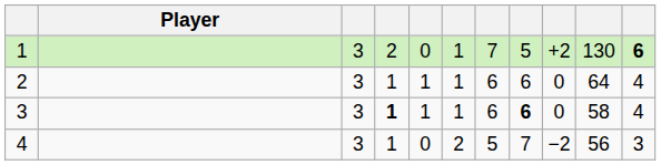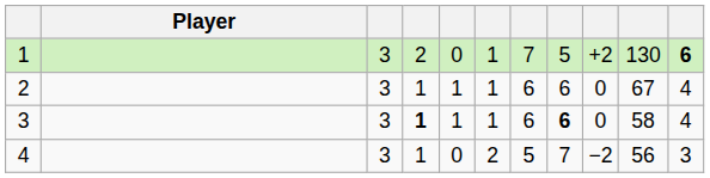 <table class="wikitable" style="text-align:center; margin: 1em auto 1em auto, align:left">
 <tr>
 <th width=20></th>
 <th width=240>Player</th>
 <th width=20></th>
 <th width=20></th>
 <th width=20></th>
 <th width=20></th>
 <th width=20></th>
 <th width=20></th>
 <th width=20></th>
 <th width=30></th>
 <th width=20></th>
 </tr>
 <tr style="background:#D0F0C0;">
 <td>1</td>
 <td align=left></td>
 <td>3</td>
 <td>2</td>
 <td>0</td>
 <td>1</td>
 <td>7</td>
 <td>5</td>
 <td>+2</td>
 <td>130</td>
 <td><strong>6</strong></td>
 </tr>
 <tr style=>
 <td>2</td>
 <td align=left></td>
 <td>3</td>
 <td>1</td>
 <td>1</td>
 <td>1</td>
 <td>6</td>
 <td>6</td>
 <td>0</td>
-<td>64</td>
+<td>67</td>
 <td>4</td>
 </tr>
 <tr style=>
 <td>3</td>
 <td align=left></td>
 <td>3</td>
 <td><strong>1</strong></td>
 <td>1</td>
 <td>1</td>
 <td>6</td>
 <td><strong>6</strong></td>
 <td>0</td>
 <td>58</td>
 <td>4</td>
 </tr>
 <tr style=>
 <td>4</td>
 <td align=left></td>
 <td>3</td>
 <td>1</td>
 <td>0</td>
 <td>2</td>
 <td>5</td>
 <td>7</td>
 <td>−2</td>
 <td>56</td>
 <td>3</td>
 </tr>
 </table>
